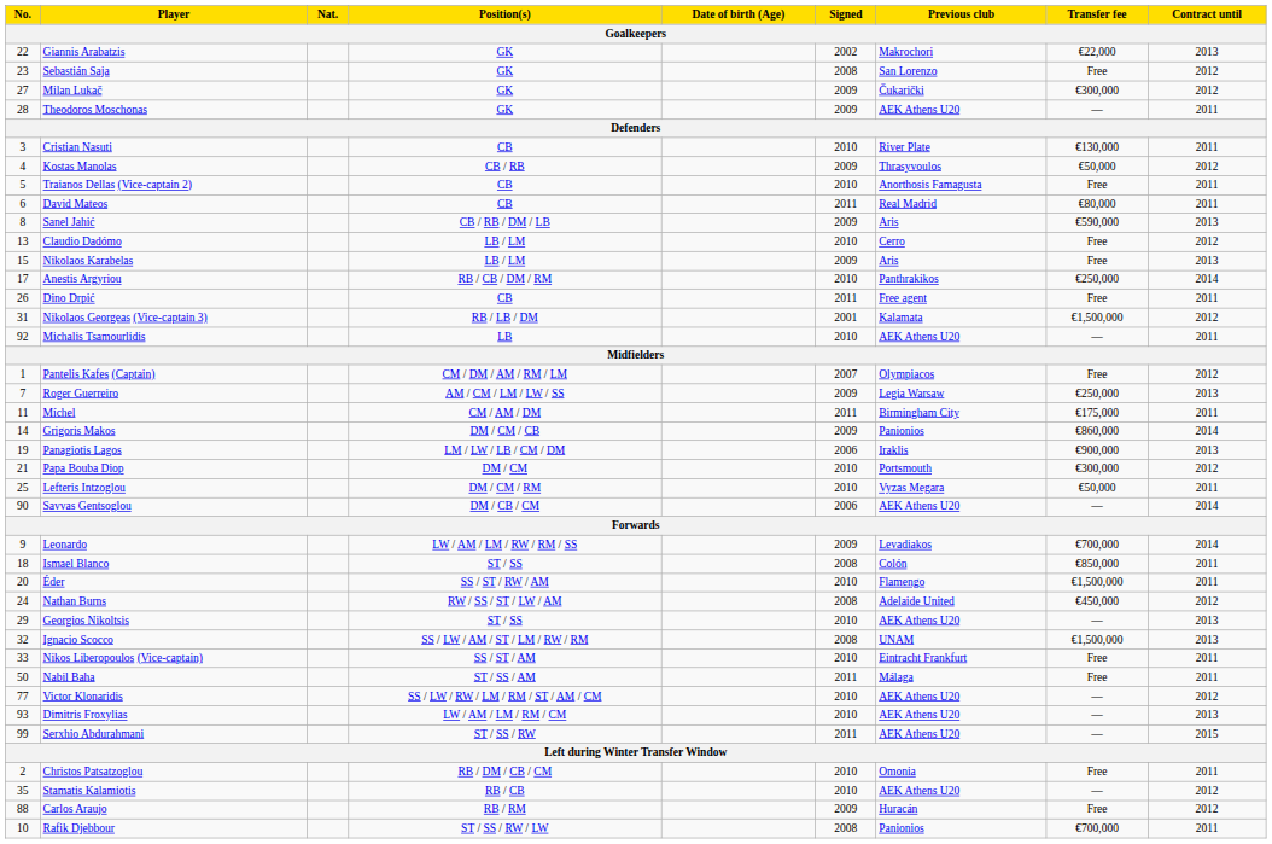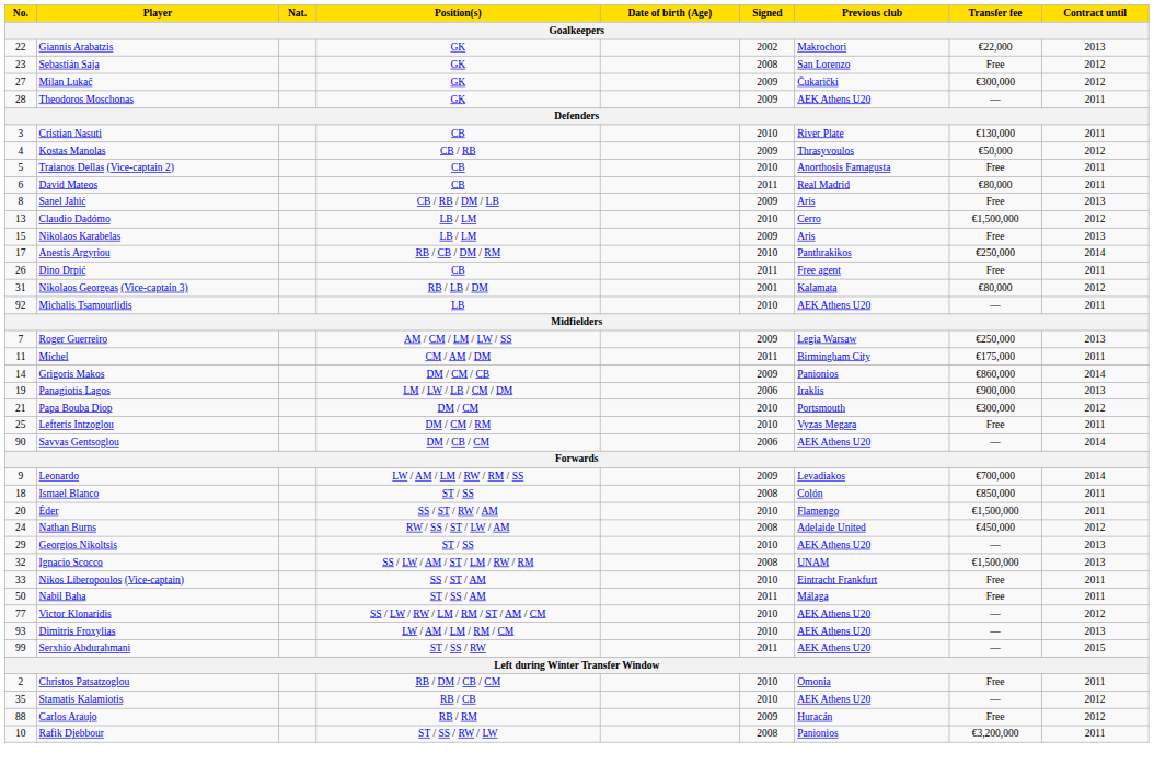 <table class="wikitable" style="text-align:center; font-size:90%; width:100%">
 <tr>
 <th style="background:#FFDE00">No.</th>
 <th style="background:#FFDE00">Player</th>
 <th style="background:#FFDE00">Nat.</th>
 <th style="background:#FFDE00">Position(s)</th>
 <th style="background:#FFDE00">Date of birth (Age)</th>
 <th style="background:#FFDE00">Signed</th>
 <th style="background:#FFDE00">Previous club</th>
 <th style="background:#FFDE00">Transfer fee</th>
 <th style="background:#FFDE00">Contract until</th>
 </tr>
 <tr>
 <th colspan="9">Goalkeepers</th>
 </tr>
 <tr>
 <td>22</td>
 <td align=left><a href='#'>Giannis Arabatzis</a></td>
 <td></td>
 <td><a href='#'>GK</a></td>
 <td></td>
 <td>2002</td>
 <td align=left> <a href='#'>Makrochori</a></td>
 <td>€22,000</td>
 <td>2013</td>
 </tr>
 <tr>
 <td>23</td>
 <td align=left><a href='#'>Sebastián Saja</a></td>
 <td></td>
 <td><a href='#'>GK</a></td>
 <td></td>
 <td>2008</td>
 <td align=left> <a href='#'>San Lorenzo</a></td>
 <td>Free</td>
 <td>2012</td>
 </tr>
 <tr>
 <td>27</td>
 <td align=left><a href='#'>Milan Lukač</a></td>
 <td></td>
 <td><a href='#'>GK</a></td>
 <td></td>
 <td>2009</td>
 <td align=left> <a href='#'>Čukarički</a></td>
 <td>€300,000</td>
 <td>2012</td>
 </tr>
 <tr>
 <td>28</td>
 <td align=left><a href='#'>Theodoros Moschonas</a></td>
 <td></td>
 <td><a href='#'>GK</a></td>
 <td></td>
 <td>2009</td>
 <td align=left> <a href='#'>AEK Athens U20</a></td>
 <td>—</td>
 <td>2011</td>
 </tr>
 <tr>
 <th colspan="9">Defenders</th>
 </tr>
 <tr>
 <td>3</td>
 <td align=left><a href='#'>Cristian Nasuti</a></td>
 <td></td>
 <td><a href='#'>CB</a></td>
 <td></td>
 <td>2010</td>
 <td align=left> <a href='#'>River Plate</a></td>
 <td>€130,000</td>
 <td>2011</td>
 </tr>
 <tr>
 <td>4</td>
 <td align=left><a href='#'>Kostas Manolas</a></td>
 <td></td>
 <td><a href='#'>CB</a> / <a href='#'>RB</a></td>
 <td></td>
 <td>2009</td>
 <td align=left> <a href='#'>Thrasyvoulos</a></td>
 <td>€50,000</td>
 <td>2012</td>
 </tr>
 <tr>
 <td>5</td>
 <td align=left><a href='#'>Traianos Dellas</a> <a href='#'>(Vice-captain 2)</a></td>
 <td></td>
 <td><a href='#'>CB</a></td>
 <td></td>
 <td>2010</td>
 <td align=left> <a href='#'>Anorthosis Famagusta</a></td>
 <td>Free</td>
 <td>2011</td>
 </tr>
 <tr>
 <td>6</td>
 <td align=left><a href='#'>David Mateos</a></td>
 <td></td>
 <td><a href='#'>CB</a></td>
 <td></td>
 <td>2011</td>
 <td align=left> <a href='#'>Real Madrid</a></td>
 <td>€80,000</td>
 <td>2011</td>
 </tr>
 <tr>
 <td>8</td>
 <td align=left><a href='#'>Sanel Jahić</a></td>
 <td></td>
 <td><a href='#'>CB</a> / <a href='#'>RB</a> / <a href='#'>DM</a> / <a href='#'>LB</a></td>
 <td></td>
 <td>2009</td>
 <td align=left> <a href='#'>Aris</a></td>
-<td>€590,000</td>
+<td>Free</td>
 <td>2013</td>
 </tr>
 <tr>
 <td>13</td>
 <td align=left><a href='#'>Claudio Dadómo</a></td>
 <td></td>
 <td><a href='#'>LB</a> / <a href='#'>LM</a></td>
 <td></td>
 <td>2010</td>
 <td align=left> <a href='#'>Cerro</a></td>
-<td>Free</td>
+<td>€1,500,000</td>
 <td>2012</td>
 </tr>
 <tr>
 <td>15</td>
 <td align=left><a href='#'>Nikolaos Karabelas</a></td>
 <td></td>
 <td><a href='#'>LB</a> / <a href='#'>LM</a></td>
 <td></td>
 <td>2009</td>
 <td align=left> <a href='#'>Aris</a></td>
 <td>Free</td>
 <td>2013</td>
 </tr>
 <tr>
 <td>17</td>
 <td align=left><a href='#'>Anestis Argyriou</a></td>
 <td></td>
 <td><a href='#'>RB</a> / <a href='#'>CB</a> / <a href='#'>DM</a> / <a href='#'>RM</a></td>
 <td></td>
 <td>2010</td>
 <td align=left> <a href='#'>Panthrakikos</a></td>
 <td>€250,000</td>
 <td>2014</td>
 </tr>
 <tr>
 <td>26</td>
 <td align=left><a href='#'>Dino Drpić</a></td>
 <td></td>
 <td><a href='#'>CB</a></td>
 <td></td>
 <td>2011</td>
 <td align=left><a href='#'>Free agent</a></td>
 <td>Free</td>
 <td>2011</td>
 </tr>
 <tr>
 <td>31</td>
 <td align=left><a href='#'>Nikolaos Georgeas</a> <a href='#'>(Vice-captain 3)</a></td>
 <td></td>
 <td><a href='#'>RB</a> / <a href='#'>LB</a> / <a href='#'>DM</a></td>
 <td></td>
 <td>2001</td>
 <td align=left> <a href='#'>Kalamata</a></td>
-<td>€1,500,000</td>
+<td>€80,000</td>
 <td>2012</td>
 </tr>
 <tr>
 <td>92</td>
 <td align=left><a href='#'>Michalis Tsamourlidis</a></td>
 <td></td>
 <td><a href='#'>LB</a></td>
 <td></td>
 <td>2010</td>
 <td align=left> <a href='#'>AEK Athens U20</a></td>
 <td>—</td>
 <td>2011</td>
 </tr>
 <tr>
 <th colspan="9">Midfielders</th>
-</tr>
-<tr>
-<td>1</td>
-<td align=left><a href='#'>Pantelis Kafes</a> <a href='#'>(Captain)</a></td>
-<td></td>
-<td><a href='#'>CM</a> / <a href='#'>DM</a> / <a href='#'>AM</a> / <a href='#'>RM</a> / <a href='#'>LM</a></td>
-<td></td>
-<td>2007</td>
-<td align=left> <a href='#'>Olympiacos</a></td>
-<td>Free</td>
-<td>2012</td>
 </tr>
 <tr>
 <td>7</td>
 <td align=left><a href='#'>Roger Guerreiro</a></td>
 <td></td>
 <td><a href='#'>AM</a> / <a href='#'>CM</a> / <a href='#'>LM</a> / <a href='#'>LW</a> / <a href='#'>SS</a></td>
 <td></td>
 <td>2009</td>
 <td align=left> <a href='#'>Legia Warsaw</a></td>
 <td>€250,000</td>
 <td>2013</td>
 </tr>
 <tr>
 <td>11</td>
 <td align=left><a href='#'>Míchel</a></td>
 <td></td>
 <td><a href='#'>CM</a> / <a href='#'>AM</a> / <a href='#'>DM</a></td>
 <td></td>
 <td>2011</td>
 <td align=left> <a href='#'>Birmingham City</a></td>
 <td>€175,000</td>
 <td>2011</td>
 </tr>
 <tr>
 <td>14</td>
 <td align=left><a href='#'>Grigoris Makos</a></td>
 <td></td>
 <td><a href='#'>DM</a> / <a href='#'>CM</a> / <a href='#'>CB</a></td>
 <td></td>
 <td>2009</td>
 <td align=left> <a href='#'>Panionios</a></td>
 <td>€860,000</td>
 <td>2014</td>
 </tr>
 <tr>
 <td>19</td>
 <td align=left><a href='#'>Panagiotis Lagos</a></td>
 <td></td>
 <td><a href='#'>LM</a> / <a href='#'>LW</a> / <a href='#'>LB</a> / <a href='#'>CM</a> / <a href='#'>DM</a></td>
 <td></td>
 <td>2006</td>
 <td align=left> <a href='#'>Iraklis</a></td>
 <td>€900,000</td>
 <td>2013</td>
 </tr>
 <tr>
 <td>21</td>
 <td align=left><a href='#'>Papa Bouba Diop</a></td>
 <td></td>
 <td><a href='#'>DM</a> / <a href='#'>CM</a></td>
 <td></td>
 <td>2010</td>
 <td align=left> <a href='#'>Portsmouth</a></td>
 <td>€300,000</td>
 <td>2012</td>
 </tr>
 <tr>
 <td>25</td>
 <td align=left><a href='#'>Lefteris Intzoglou</a></td>
 <td></td>
 <td><a href='#'>DM</a> / <a href='#'>CM</a> / <a href='#'>RM</a></td>
 <td></td>
 <td>2010</td>
 <td align=left> <a href='#'>Vyzas Megara</a></td>
-<td>€50,000</td>
+<td>Free</td>
 <td>2011</td>
 </tr>
 <tr>
 <td>90</td>
 <td align=left><a href='#'>Savvas Gentsoglou</a></td>
 <td></td>
 <td><a href='#'>DM</a> / <a href='#'>CB</a> / <a href='#'>CM</a></td>
 <td></td>
 <td>2006</td>
 <td align=left> <a href='#'>AEK Athens U20</a></td>
 <td>—</td>
 <td>2014</td>
 </tr>
 <tr>
 <th colspan="9">Forwards</th>
 </tr>
 <tr>
 <td>9</td>
 <td align=left><a href='#'>Leonardo</a></td>
 <td></td>
 <td><a href='#'>LW</a> / <a href='#'>AM</a> / <a href='#'>LM</a> / <a href='#'>RW</a> / <a href='#'>RM</a> / <a href='#'>SS</a></td>
 <td></td>
 <td>2009</td>
 <td align=left> <a href='#'>Levadiakos</a></td>
 <td>€700,000</td>
 <td>2014</td>
 </tr>
 <tr>
 <td>18</td>
 <td align=left><a href='#'>Ismael Blanco</a></td>
 <td></td>
 <td><a href='#'>ST</a> / <a href='#'>SS</a></td>
 <td></td>
 <td>2008</td>
 <td align=left> <a href='#'>Colón</a></td>
 <td>€850,000</td>
 <td>2011</td>
 </tr>
 <tr>
 <td>20</td>
 <td align=left><a href='#'>Éder</a></td>
 <td></td>
 <td><a href='#'>SS</a> / <a href='#'>ST</a> / <a href='#'>RW</a> / <a href='#'>AM</a></td>
 <td></td>
 <td>2010</td>
 <td align=left> <a href='#'>Flamengo</a></td>
 <td>€1,500,000</td>
 <td>2011</td>
 </tr>
 <tr>
 <td>24</td>
 <td align=left><a href='#'>Nathan Burns</a></td>
 <td></td>
 <td><a href='#'>RW</a> / <a href='#'>SS</a> / <a href='#'>ST</a> / <a href='#'>LW</a> / <a href='#'>AM</a></td>
 <td></td>
 <td>2008</td>
 <td align=left> <a href='#'>Adelaide United</a></td>
 <td>€450,000</td>
 <td>2012</td>
 </tr>
 <tr>
 <td>29</td>
 <td align=left><a href='#'>Georgios Nikoltsis</a></td>
 <td></td>
 <td><a href='#'>ST</a> / <a href='#'>SS</a></td>
 <td></td>
 <td>2010</td>
 <td align=left> <a href='#'>AEK Athens U20</a></td>
 <td>—</td>
 <td>2013</td>
 </tr>
 <tr>
 <td>32</td>
 <td align=left><a href='#'>Ignacio Scocco</a></td>
 <td></td>
 <td><a href='#'>SS</a> / <a href='#'>LW</a> / <a href='#'>AM</a> / <a href='#'>ST</a> / <a href='#'>LM</a> / <a href='#'>RW</a> / <a href='#'>RM</a></td>
 <td></td>
 <td>2008</td>
 <td align=left> <a href='#'>UNAM</a></td>
 <td>€1,500,000</td>
 <td>2013</td>
 </tr>
 <tr>
 <td>33</td>
 <td align=left><a href='#'>Nikos Liberopoulos</a> <a href='#'>(Vice-captain)</a></td>
 <td></td>
 <td><a href='#'>SS</a> / <a href='#'>ST</a> / <a href='#'>AM</a></td>
 <td></td>
 <td>2010</td>
 <td align=left> <a href='#'>Eintracht Frankfurt</a></td>
 <td>Free</td>
 <td>2011</td>
 </tr>
 <tr>
 <td>50</td>
 <td align=left><a href='#'>Nabil Baha</a></td>
 <td></td>
 <td><a href='#'>ST</a> / <a href='#'>SS</a> / <a href='#'>AM</a></td>
 <td></td>
 <td>2011</td>
 <td align=left> <a href='#'>Málaga</a></td>
 <td>Free</td>
 <td>2011</td>
 </tr>
 <tr>
 <td>77</td>
 <td align=left><a href='#'>Victor Klonaridis</a></td>
 <td></td>
 <td><a href='#'>SS</a> / <a href='#'>LW</a> / <a href='#'>RW</a> / <a href='#'>LM</a> / <a href='#'>RM</a> / <a href='#'>ST</a> / <a href='#'>AM</a> / <a href='#'>CM</a></td>
 <td></td>
 <td>2010</td>
 <td align=left> <a href='#'>AEK Athens U20</a></td>
 <td>—</td>
 <td>2012</td>
 </tr>
 <tr>
 <td>93</td>
 <td align=left><a href='#'>Dimitris Froxylias</a></td>
 <td></td>
 <td><a href='#'>LW</a> / <a href='#'>AM</a> / <a href='#'>LM</a> / <a href='#'>RM</a> / <a href='#'>CM</a></td>
 <td></td>
 <td>2010</td>
 <td align=left> <a href='#'>AEK Athens U20</a></td>
 <td>—</td>
 <td>2013</td>
 </tr>
 <tr>
 <td>99</td>
 <td align=left><a href='#'>Serxhio Abdurahmani</a></td>
 <td></td>
 <td><a href='#'>ST</a> / <a href='#'>SS</a> / <a href='#'>RW</a></td>
 <td></td>
 <td>2011</td>
 <td align=left> <a href='#'>AEK Athens U20</a></td>
 <td>—</td>
 <td>2015</td>
 </tr>
 <tr>
 <th colspan="9">Left during Winter Transfer Window</th>
 </tr>
 <tr>
 <td>2</td>
 <td align=left><a href='#'>Christos Patsatzoglou</a></td>
 <td></td>
 <td><a href='#'>RB</a> / <a href='#'>DM</a> / <a href='#'>CB</a> / <a href='#'>CM</a></td>
 <td></td>
 <td>2010</td>
 <td align=left> <a href='#'>Omonia</a></td>
 <td>Free</td>
 <td>2011</td>
 </tr>
 <tr>
 <td>35</td>
 <td align=left><a href='#'>Stamatis Kalamiotis</a></td>
 <td></td>
 <td><a href='#'>RB</a> / <a href='#'>CB</a></td>
 <td></td>
 <td>2010</td>
 <td align=left> <a href='#'>AEK Athens U20</a></td>
 <td>—</td>
 <td>2012</td>
 </tr>
 <tr>
 <td>88</td>
 <td align=left><a href='#'>Carlos Araujo</a></td>
 <td></td>
 <td><a href='#'>RB</a> / <a href='#'>RM</a></td>
 <td></td>
 <td>2009</td>
 <td align=left> <a href='#'>Huracán</a></td>
 <td>Free</td>
 <td>2012</td>
 </tr>
 <tr>
 <td>10</td>
 <td align=left><a href='#'>Rafik Djebbour</a></td>
 <td></td>
 <td><a href='#'>ST</a> / <a href='#'>SS</a> / <a href='#'>RW</a> / <a href='#'>LW</a></td>
 <td></td>
 <td>2008</td>
 <td align=left> <a href='#'>Panionios</a></td>
-<td>€700,000</td>
+<td>€3,200,000</td>
 <td>2011</td>
 </tr>
 </table>
